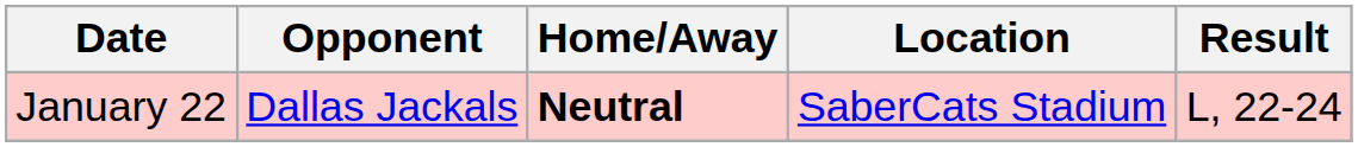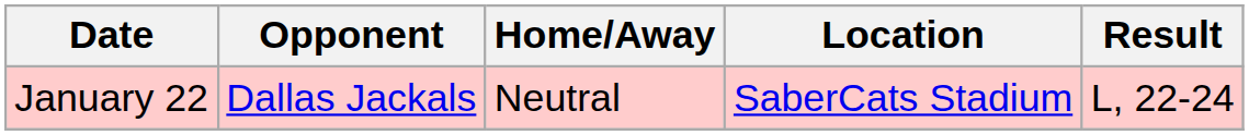 <table class="wikitable mw-collapsible">
 <tr>
 <th>Date</th>
 <th>Opponent</th>
 <th>Home/Away</th>
 <th>Location</th>
 <th>Result</th>
 </tr>
 <tr bgcolor="#FFCCCC">
 <td>January 22</td>
 <td><a href='#'>Dallas Jackals</a></td>
-<td><strong>Neutral</strong></td>
+<td>Neutral</td>
 <td><a href='#'>SaberCats Stadium</a></td>
 <td>L, 22-24</td>
 </tr>
 <tr>
 </tr>
 </table>
